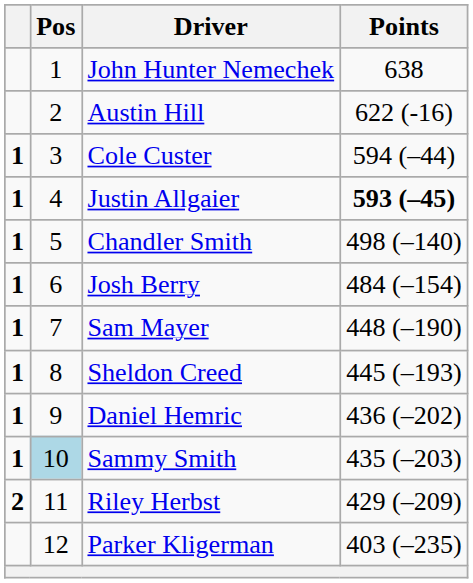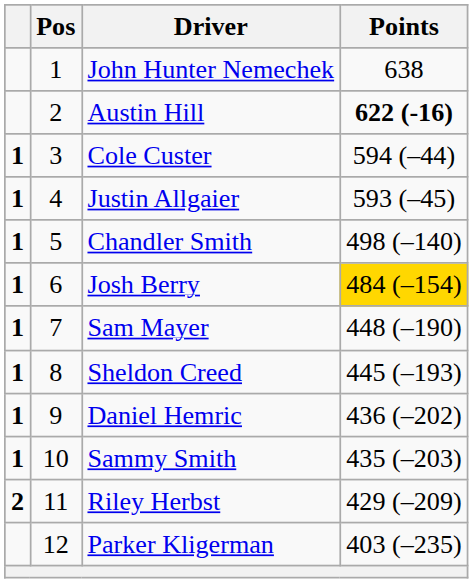 <table class="wikitable" style="font-size: 95%;">
 <tr>
 <th></th>
 <th>Pos</th>
 <th>Driver</th>
 <th>Points</th>
 </tr>
 <tr>
 <td align="left"></td>
 <td style="text-align:center;">1</td>
 <td><a href='#'>John Hunter Nemechek</a></td>
 <td style="text-align:center;">638</td>
 </tr>
 <tr>
 <td align="left"></td>
 <td style="text-align:center;">2</td>
 <td><a href='#'>Austin Hill</a></td>
-<td style="text-align:center;">622 (-16)</td>
+<td style="text-align:center;"><strong>622 (-16)</strong></td>
 </tr>
 <tr>
 <td align="left"> <strong>1</strong></td>
 <td style="text-align:center;">3</td>
 <td><a href='#'>Cole Custer</a></td>
 <td style="text-align:center;">594 (–44)</td>
 </tr>
 <tr>
 <td align="left"> <strong>1</strong></td>
 <td style="text-align:center;">4</td>
 <td><a href='#'>Justin Allgaier</a></td>
-<td style="text-align:center;"><strong>593 (–45)</strong></td>
+<td style="text-align:center;">593 (–45)</td>
 </tr>
 <tr>
 <td align="left"> <strong>1</strong></td>
 <td style="text-align:center;">5</td>
 <td><a href='#'>Chandler Smith</a></td>
 <td style="text-align:center;">498 (–140)</td>
 </tr>
 <tr>
 <td align="left"> <strong>1</strong></td>
 <td style="text-align:center;">6</td>
 <td><a href='#'>Josh Berry</a></td>
-<td style="text-align:center;">484 (–154)</td>
+<td style="background: gold; text-align:center;">484 (–154)</td>
 </tr>
 <tr>
 <td align="left"> <strong>1</strong></td>
 <td style="text-align:center;">7</td>
 <td><a href='#'>Sam Mayer</a></td>
 <td style="text-align:center;">448 (–190)</td>
 </tr>
 <tr>
 <td align="left"> <strong>1</strong></td>
 <td style="text-align:center;">8</td>
 <td><a href='#'>Sheldon Creed</a></td>
 <td style="text-align:center;">445 (–193)</td>
 </tr>
 <tr>
 <td align="left"> <strong>1</strong></td>
 <td style="text-align:center;">9</td>
 <td><a href='#'>Daniel Hemric</a></td>
 <td style="text-align:center;">436 (–202)</td>
 </tr>
 <tr>
 <td align="left"> <strong>1</strong></td>
-<td style="background: lightblue; text-align:center;">10</td>
+<td style="text-align:center;">10</td>
 <td><a href='#'>Sammy Smith</a></td>
 <td style="text-align:center;">435 (–203)</td>
 </tr>
 <tr>
 <td align="left"> <strong>2</strong></td>
 <td style="text-align:center;">11</td>
 <td><a href='#'>Riley Herbst</a></td>
 <td style="text-align:center;">429 (–209)</td>
 </tr>
 <tr>
 <td align="left"></td>
 <td style="text-align:center;">12</td>
 <td><a href='#'>Parker Kligerman</a></td>
 <td style="text-align:center;">403 (–235)</td>
 </tr>
 <tr class="sortbottom">
 <th colspan="9"></th>
 </tr>
 </table>
